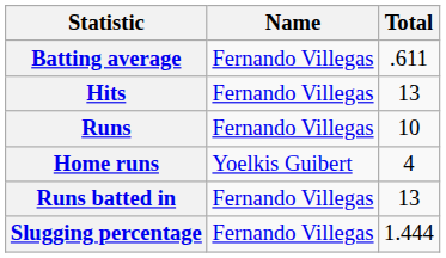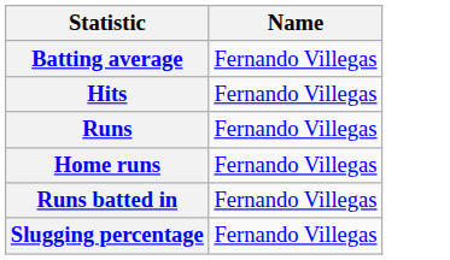 <table class="wikitable plainrowheaders">
 <tr>
 <th scope="col">Statistic</th>
 <th scope="col">Name</th>
-<th scope="col">Total</th>
 </tr>
 <tr>
 <th scope="row"><a href='#'>Batting average</a></th>
 <td> <a href='#'>Fernando Villegas</a></td>
-<td align=center>.611</td>
 </tr>
 <tr>
 <th scope="row"><a href='#'>Hits</a></th>
 <td> <a href='#'>Fernando Villegas</a></td>
-<td align=center>13</td>
 </tr>
 <tr>
 <th scope="row"><a href='#'>Runs</a></th>
 <td> <a href='#'>Fernando Villegas</a></td>
-<td align=center>10</td>
 </tr>
 <tr>
 <th scope="row"><a href='#'>Home runs</a></th>
-<td> <a href='#'>Yoelkis Guibert</a></td>
-<td align=center>4</td>
+<td> <a href='#'>Fernando Villegas</a></td>
 </tr>
 <tr>
 <th scope="row"><a href='#'>Runs batted in</a></th>
 <td> <a href='#'>Fernando Villegas</a></td>
-<td align=center>13</td>
 </tr>
 <tr>
 <th scope="row"><a href='#'>Slugging percentage</a></th>
 <td> <a href='#'>Fernando Villegas</a></td>
-<td align=center>1.444</td>
 </tr>
 </table>
